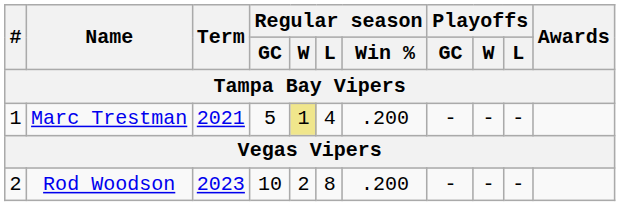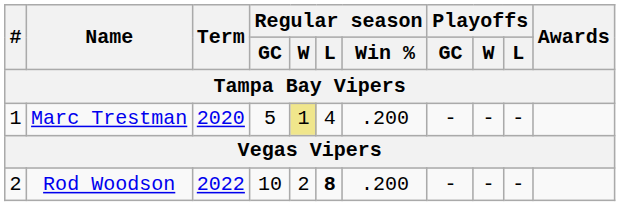 <table class="wikitable" style="text-align:center">
 <tr>
 <th rowspan="2">#</th>
 <th rowspan="2">Name</th>
 <th rowspan="2">Term</th>
 <th colspan="4">Regular season</th>
 <th colspan="3">Playoffs</th>
 <th rowspan="2">Awards</th>
 </tr>
 <tr>
 <th>GC</th>
 <th>W</th>
 <th>L</th>
 <th>Win %</th>
 <th>GC</th>
 <th>W</th>
 <th>L</th>
 </tr>
 <tr>
 <th colspan="11">Tampa Bay Vipers</th>
 </tr>
 <tr>
 <td>1</td>
 <td><a href='#'>Marc Trestman</a></td>
-<td><a href='#'>2021</a></td>
+<td><a href='#'>2020</a></td>
 <td>5</td>
 <td style="background: khaki;">1</td>
 <td>4</td>
 <td>.200</td>
 <td>-</td>
 <td>-</td>
 <td>-</td>
 <td></td>
 </tr>
 <tr>
 <th colspan="11">Vegas Vipers</th>
 </tr>
 <tr>
 <td>2</td>
 <td><a href='#'>Rod Woodson</a></td>
-<td><a href='#'>2023</a></td>
+<td><a href='#'>2022</a></td>
 <td>10</td>
 <td>2</td>
-<td>8</td>
+<td><strong>8</strong></td>
 <td>.200</td>
 <td>-</td>
 <td>-</td>
 <td>-</td>
 <td></td>
 </tr>
 </table>
